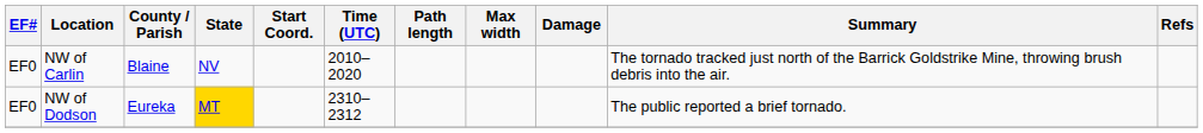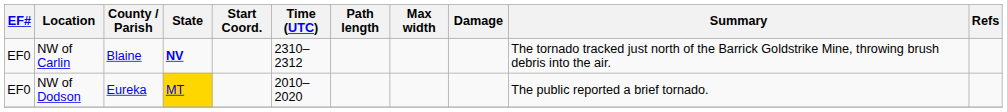 <table class="wikitable sortable" style="width:100%;">
 <tr>
 <th scope="col" width="3%" align="center"><a href='#'>EF#</a></th>
 <th scope="col" width="7%" align="center" class="unsortable">Location</th>
 <th scope="col" width="6%" align="center" class="unsortable">County / Parish</th>
 <th scope="col" width="5%" align="center">State</th>
 <th scope="col" width="6%" align="center">Start Coord.</th>
 <th scope="col" width="6%" align="center">Time (<a href='#'>UTC</a>)</th>
 <th scope="col" width="6%" align="center">Path length</th>
 <th scope="col" width="6%" align="center">Max width</th>
 <th scope="col" width="6%" align="center">Damage</th>
 <th scope="col" width="48%" class="unsortable" align="center">Summary</th>
 <th scope="col" width="48%" class="unsortable" align="center">Refs</th>
 </tr>
 <tr>
 <td>EF0</td>
 <td>NW of <a href='#'>Carlin</a></td>
 <td><a href='#'>Blaine</a></td>
-<td><a href='#'>NV</a></td>
+<td><strong><a href='#'>NV</a></strong></td>
 <td></td>
-<td>2010–2020</td>
+<td>2310–2312</td>
 <td></td>
 <td></td>
 <td></td>
 <td>The tornado tracked just north of the Barrick Goldstrike Mine, throwing brush debris into the air.</td>
 <td></td>
 </tr>
 <tr>
 <td>EF0</td>
 <td>NW of <a href='#'>Dodson</a></td>
 <td><a href='#'>Eureka</a></td>
 <td style="background: gold;"><a href='#'>MT</a></td>
 <td></td>
-<td>2310–2312</td>
+<td>2010–2020</td>
 <td></td>
 <td></td>
 <td></td>
 <td>The public reported a brief tornado.</td>
 <td></td>
 </tr>
 <tr>
 </tr>
 </table>
